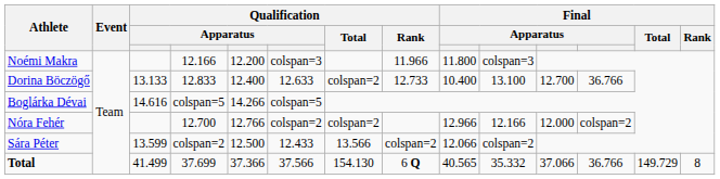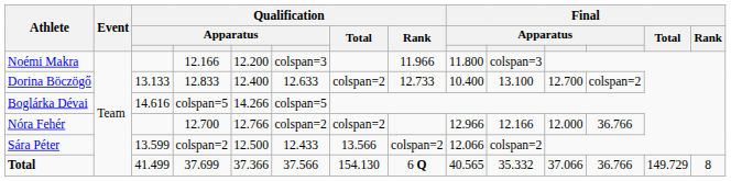 <table class="wikitable" style="font-size:90%">
 <tr>
 <th rowspan=3>Athlete</th>
 <th rowspan=3>Event</th>
 <th colspan=6>Qualification</th>
 <th colspan=6>Final</th>
 </tr>
 <tr style="font-size:95%">
 <th colspan=4>Apparatus</th>
 <th rowspan=2>Total</th>
 <th rowspan=2>Rank</th>
 <th colspan=4>Apparatus</th>
 <th rowspan=2>Total</th>
 <th rowspan=2>Rank</th>
 </tr>
 <tr style="font-size:95%">
 <th></th>
 <th></th>
 <th></th>
 <th></th>
 <th></th>
 <th></th>
 <th></th>
 <th></th>
 </tr>
 <tr align=center>
 <td align=left><a href='#'>Noémi Makra</a></td>
 <td align=left rowspan=6>Team</td>
 <td></td>
 <td>12.166</td>
 <td>12.200</td>
 <td>colspan=3 </td>
 <td></td>
 <td>11.966</td>
 <td>11.800</td>
 <td>colspan=3 </td>
 </tr>
 <tr align=center>
 <td align=left><a href='#'>Dorina Böczögő</a></td>
 <td>13.133</td>
 <td>12.833</td>
 <td>12.400</td>
 <td>12.633</td>
 <td>colspan=2 </td>
 <td>12.733</td>
 <td>10.400</td>
 <td>13.100</td>
 <td>12.700</td>
-<td>36.766</td>
+<td>colspan=2 </td>
 </tr>
 <tr align=center>
 <td align=left><a href='#'>Boglárka Dévai</a></td>
 <td>14.616</td>
 <td>colspan=5 </td>
 <td>14.266</td>
 <td>colspan=5 </td>
 </tr>
 <tr align=center>
 <td align=left><a href='#'>Nóra Fehér</a></td>
 <td></td>
 <td>12.700</td>
 <td>12.766</td>
 <td>colspan=2 </td>
 <td>colspan=2 </td>
 <td></td>
 <td>12.966</td>
 <td>12.166</td>
 <td>12.000</td>
-<td>colspan=2 </td>
+<td>36.766</td>
 </tr>
 <tr align=center>
 <td align=left><a href='#'>Sára Péter</a></td>
 <td>13.599</td>
 <td>colspan=2 </td>
 <td>12.500</td>
 <td>12.433</td>
 <td>13.566</td>
 <td>colspan=2 </td>
 <td>12.066</td>
 <td>colspan=2 </td>
 </tr>
 <tr align=center>
 <td align=left><strong>Total</strong></td>
 <td>41.499</td>
 <td>37.699</td>
 <td>37.366</td>
 <td>37.566</td>
 <td>154.130</td>
 <td>6 <strong>Q</strong></td>
 <td>40.565</td>
 <td>35.332</td>
 <td>37.066</td>
 <td>36.766</td>
 <td>149.729</td>
 <td>8</td>
 </tr>
 </table>
